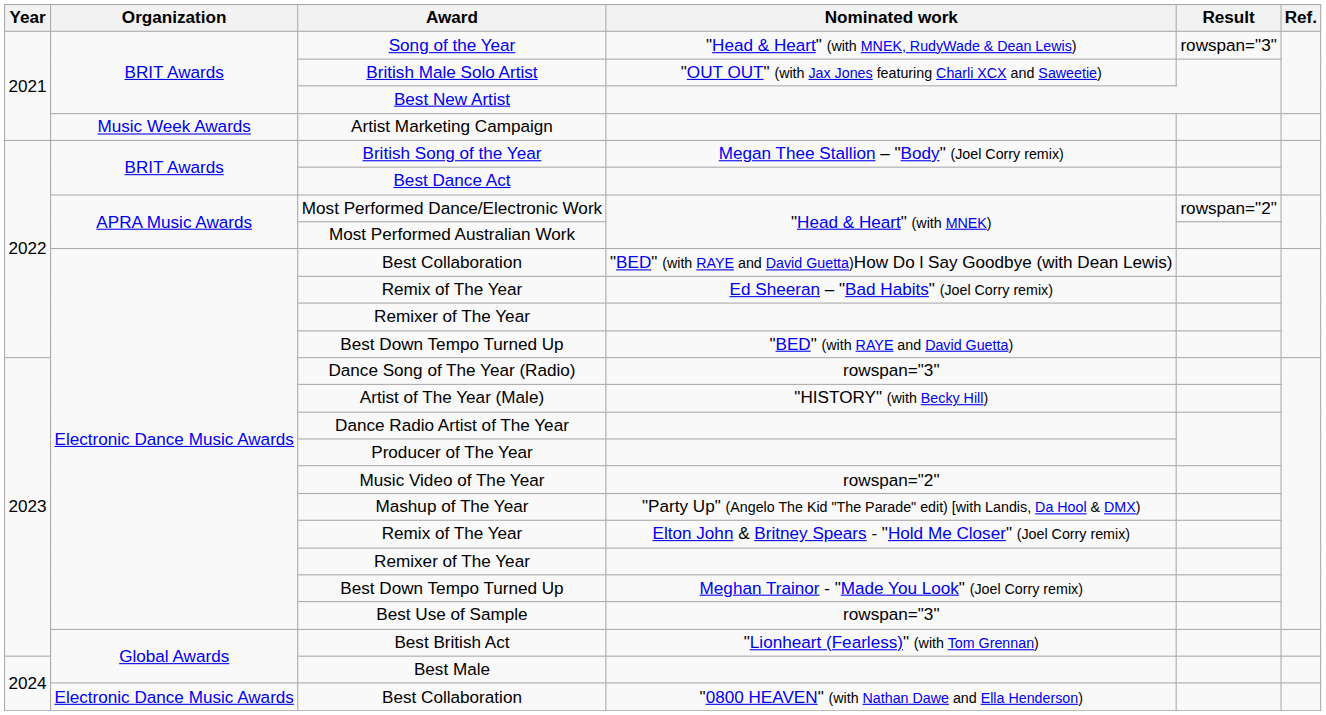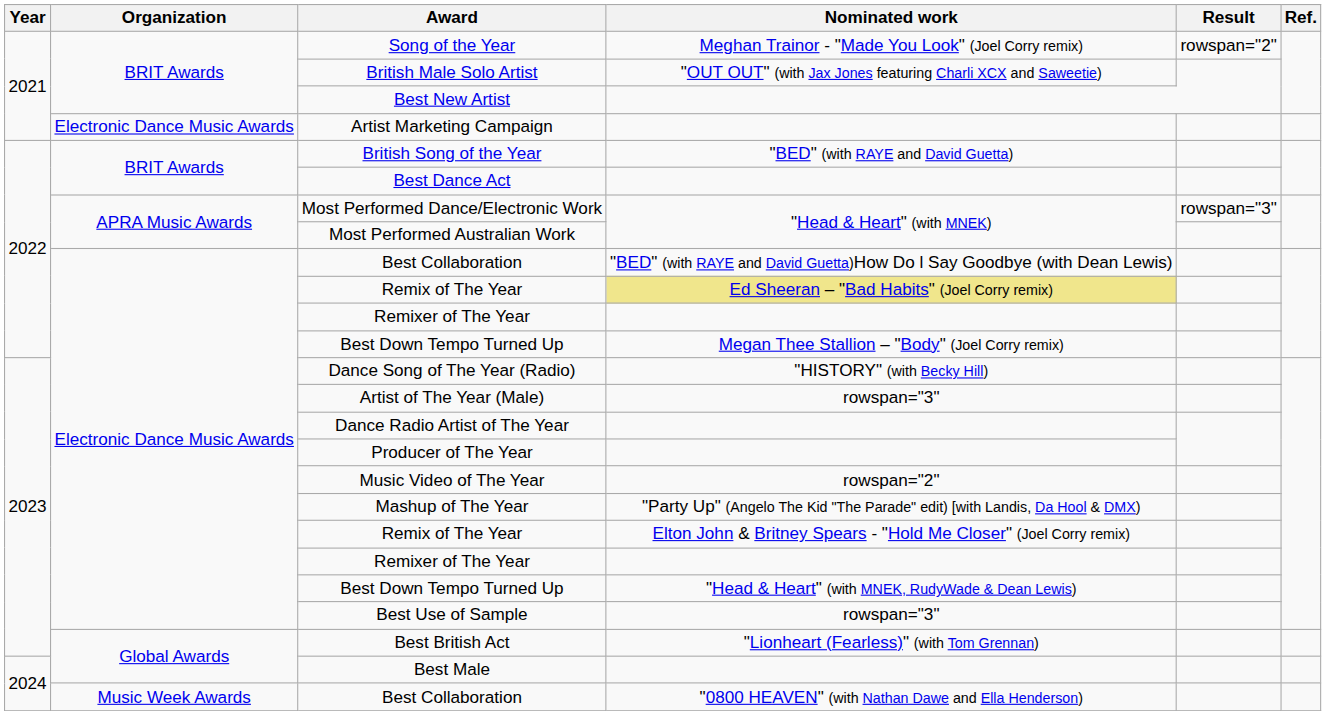 <table class="wikitable plainrowheaders" style="text-align:center;">
 <tr>
 <th>Year</th>
 <th>Organization</th>
 <th>Award</th>
 <th>Nominated work</th>
 <th>Result</th>
 <th>Ref.</th>
 </tr>
 <tr>
 <td rowspan="4">2021</td>
 <td rowspan="3"><a href='#'>BRIT Awards</a></td>
 <td><a href='#'>Song of the Year</a></td>
-<td>"<a href='#'>Head & Heart</a>" <small>(with <a href='#'>MNEK, RudyWade & Dean Lewis</a>)</small></td>
-<td>rowspan="3" </td>
+<td><a href='#'>Meghan Trainor</a> - "<a href='#'>Made You Look</a>" <small>(Joel Corry remix)</small></td>
+<td>rowspan="2" </td>
 <td rowspan="3"></td>
 </tr>
 <tr>
 <td><a href='#'>British Male Solo Artist</a></td>
 <td>"<a href='#'>OUT OUT</a>" <small>(with <a href='#'>Jax Jones</a> featuring <a href='#'>Charli XCX</a> and <a href='#'>Saweetie</a>)</small></td>
 </tr>
 <tr>
 <td><a href='#'>Best New Artist</a></td>
 </tr>
 <tr>
-<td><a href='#'>Music Week Awards</a></td>
+<td><a href='#'>Electronic Dance Music Awards</a></td>
 <td>Artist Marketing Campaign</td>
 <td></td>
 <td></td>
 </tr>
 <tr>
 <td rowspan="8">2022</td>
 <td rowspan="2"><a href='#'>BRIT Awards</a></td>
 <td><a href='#'>British Song of the Year</a></td>
-<td><a href='#'>Megan Thee Stallion</a> – "<a href='#'>Body</a>" <small>(Joel Corry remix)</small></td>
+<td>"<a href='#'>BED</a>" <small>(with <a href='#'>RAYE</a> and <a href='#'>David Guetta</a>)</small></td>
 <td></td>
 <td rowspan="2"></td>
 </tr>
 <tr>
 <td><a href='#'>Best Dance Act</a></td>
 <td></td>
 <td></td>
 </tr>
 <tr>
 <td rowspan="2"><a href='#'>APRA Music Awards</a></td>
 <td>Most Performed Dance/Electronic Work</td>
 <td rowspan="2">"<a href='#'>Head & Heart</a>" <small>(with <a href='#'>MNEK</a>)</small></td>
-<td>rowspan="2" </td>
+<td>rowspan="3" </td>
 <td rowspan="2"></td>
 </tr>
 <tr>
 <td>Most Performed Australian Work</td>
 </tr>
 <tr>
 <td rowspan="14"><a href='#'>Electronic Dance Music Awards</a></td>
 <td>Best Collaboration</td>
 <td>"<a href='#'>BED</a>" <small>(with <a href='#'>RAYE</a> and <a href='#'>David Guetta</a>)</small>How Do l Say Goodbye (with Dean Lewis)</td>
 <td></td>
 <td rowspan="4"></td>
 </tr>
 <tr>
 <td>Remix of The Year</td>
-<td><a href='#'>Ed Sheeran</a> – "<a href='#'>Bad Habits</a>" <small>(Joel Corry remix)</small></td>
+<td style="background: khaki;"><a href='#'>Ed Sheeran</a> – "<a href='#'>Bad Habits</a>" <small>(Joel Corry remix)</small></td>
 <td></td>
 </tr>
 <tr>
 <td>Remixer of The Year</td>
 <td></td>
 <td></td>
 </tr>
 <tr>
 <td>Best Down Tempo Turned Up</td>
-<td>"<a href='#'>BED</a>" <small>(with <a href='#'>RAYE</a> and <a href='#'>David Guetta</a>)</small></td>
+<td><a href='#'>Megan Thee Stallion</a> – "<a href='#'>Body</a>" <small>(Joel Corry remix)</small></td>
 <td></td>
 </tr>
 <tr>
 <td rowspan="11">2023</td>
 <td>Dance Song of The Year (Radio)</td>
-<td>rowspan="3" </td>
+<td>"HISTORY" <small>(with <a href='#'>Becky Hill</a>)</small></td>
 <td></td>
 <td rowspan="10"></td>
 </tr>
 <tr>
 <td>Artist of The Year (Male)</td>
-<td>"HISTORY" <small>(with <a href='#'>Becky Hill</a>)</small></td>
+<td>rowspan="3" </td>
 <td></td>
 </tr>
 <tr>
 <td>Dance Radio Artist of The Year</td>
 <td></td>
 </tr>
 <tr>
 <td>Producer of The Year</td>
 <td></td>
 </tr>
 <tr>
 <td>Music Video of The Year</td>
 <td>rowspan="2" </td>
 <td></td>
 </tr>
 <tr>
 <td>Mashup of The Year</td>
 <td>"Party Up" <small>(Angelo The Kid "The Parade" edit) [with Landis, <a href='#'>Da Hool</a> & <a href='#'>DMX</a>)</small></td>
 <td></td>
 </tr>
 <tr>
 <td>Remix of The Year</td>
 <td><a href='#'>Elton John</a> & <a href='#'>Britney Spears</a> - "<a href='#'>Hold Me Closer</a>" <small>(Joel Corry remix)</small></td>
 <td></td>
 </tr>
 <tr>
 <td>Remixer of The Year</td>
 <td></td>
 <td></td>
 </tr>
 <tr>
 <td>Best Down Tempo Turned Up</td>
-<td><a href='#'>Meghan Trainor</a> - "<a href='#'>Made You Look</a>" <small>(Joel Corry remix)</small></td>
+<td>"<a href='#'>Head & Heart</a>" <small>(with <a href='#'>MNEK, RudyWade & Dean Lewis</a>)</small></td>
 <td></td>
 </tr>
 <tr>
 <td>Best Use of Sample</td>
 <td>rowspan="3" </td>
 <td></td>
 </tr>
 <tr>
 <td rowspan="2"><a href='#'>Global Awards</a></td>
 <td>Best British Act</td>
 <td>"<a href='#'>Lionheart (Fearless)</a>" <small>(with <a href='#'>Tom Grennan</a>)</small></td>
 <td></td>
 <td></td>
 </tr>
 <tr>
 <td rowspan="2">2024</td>
 <td>Best Male</td>
 <td></td>
 <td></td>
 </tr>
 <tr>
-<td><a href='#'>Electronic Dance Music Awards</a></td>
+<td><a href='#'>Music Week Awards</a></td>
 <td>Best Collaboration</td>
 <td>"<a href='#'>0800 HEAVEN</a>" <small>(with <a href='#'>Nathan Dawe</a> and <a href='#'>Ella Henderson</a>)</small></td>
 <td></td>
 <td></td>
 </tr>
 </table>
